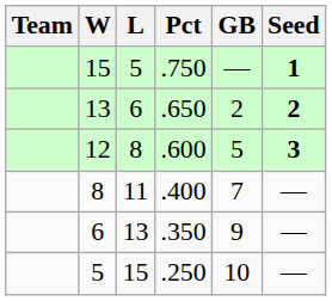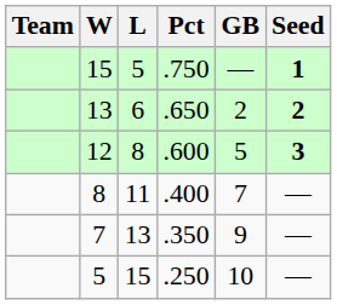 <table class=wikitable>
 <tr>
 <th>Team</th>
 <th>W</th>
 <th>L</th>
 <th>Pct</th>
 <th>GB</th>
 <th>Seed</th>
 </tr>
 <tr bgcolor=ccffcc align=center>
 <td></td>
 <td>15</td>
 <td>5</td>
 <td>.750</td>
 <td>—</td>
 <td><strong>1</strong></td>
 </tr>
 <tr bgcolor=ccffcc align=center>
 <td></td>
 <td>13</td>
 <td>6</td>
 <td>.650</td>
 <td>2</td>
 <td><strong>2</strong></td>
 </tr>
 <tr bgcolor=ccffcc align=center>
 <td></td>
 <td>12</td>
 <td>8</td>
 <td>.600</td>
 <td>5</td>
 <td><strong>3</strong></td>
 </tr>
 <tr align=center>
 <td></td>
 <td>8</td>
 <td>11</td>
 <td>.400</td>
 <td>7</td>
 <td>—</td>
 </tr>
 <tr align=center>
 <td></td>
-<td>6</td>
+<td>7</td>
 <td>13</td>
 <td>.350</td>
 <td>9</td>
 <td>—</td>
 </tr>
 <tr align=center>
 <td></td>
 <td>5</td>
 <td>15</td>
 <td>.250</td>
 <td>10</td>
 <td>—</td>
 </tr>
 </table>
